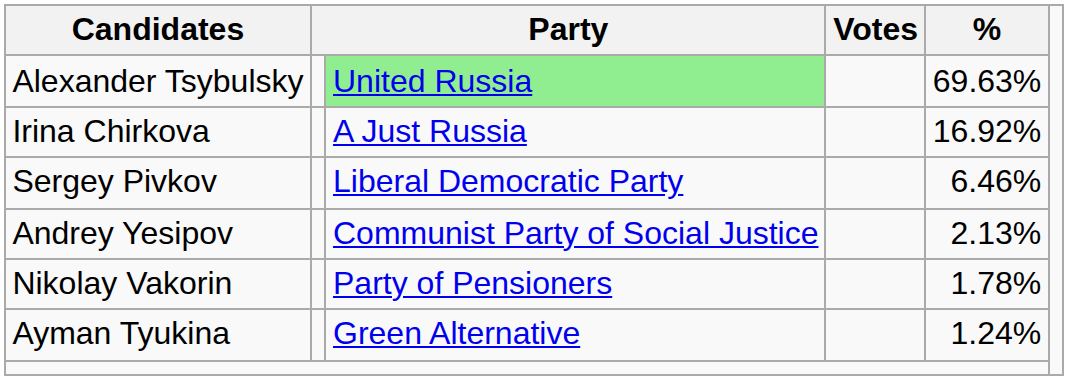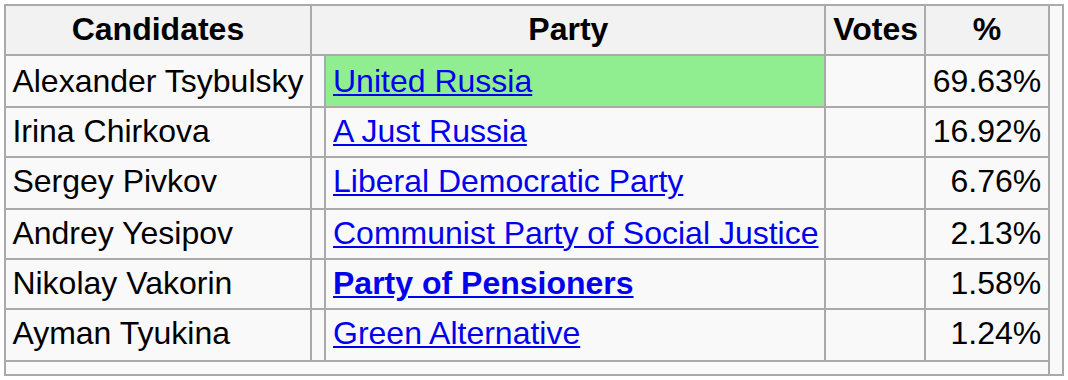 <table class="wikitable">
 <tr>
 <th>Candidates</th>
 <th colspan="2">Party</th>
 <th>Votes</th>
 <th>%</th>
 <td rowspan = 8></td>
 </tr>
 <tr>
 <td>Alexander Tsybulsky</td>
 <td style="color:inherit;background:"></td>
 <td style="background: lightgreen;"><a href='#'>United Russia</a></td>
 <td align=right></td>
 <td align=right>69.63%</td>
 </tr>
 <tr>
 <td>Irina Chirkova</td>
 <td style="color:inherit;background:"></td>
 <td><a href='#'>A Just Russia</a></td>
 <td align=right></td>
 <td align=right>16.92%</td>
 </tr>
 <tr>
 <td>Sergey Pivkov</td>
 <td style="color:inherit;background:"></td>
 <td><a href='#'>Liberal Democratic Party</a></td>
 <td align=right></td>
-<td align=right>6.46%</td>
+<td align=right>6.76%</td>
 </tr>
 <tr>
 <td>Andrey Yesipov</td>
 <td style="color:inherit;background:"></td>
 <td><a href='#'>Communist Party of Social Justice</a></td>
 <td align=right></td>
 <td align=right>2.13%</td>
 </tr>
 <tr>
 <td>Nikolay Vakorin</td>
 <td style="color:inherit;background:"></td>
-<td><a href='#'>Party of Pensioners</a></td>
+<td><strong><a href='#'>Party of Pensioners</a></strong></td>
 <td align=right></td>
-<td align=right>1.78%</td>
+<td align=right>1.58%</td>
 </tr>
 <tr>
 <td>Ayman Tyukina</td>
 <td style="color:inherit;background:"></td>
 <td><a href='#'>Green Alternative</a></td>
 <td align=right></td>
 <td align=right>1.24%</td>
 </tr>
 <tr>
 <td colspan=6></td>
 </tr>
 </table>
